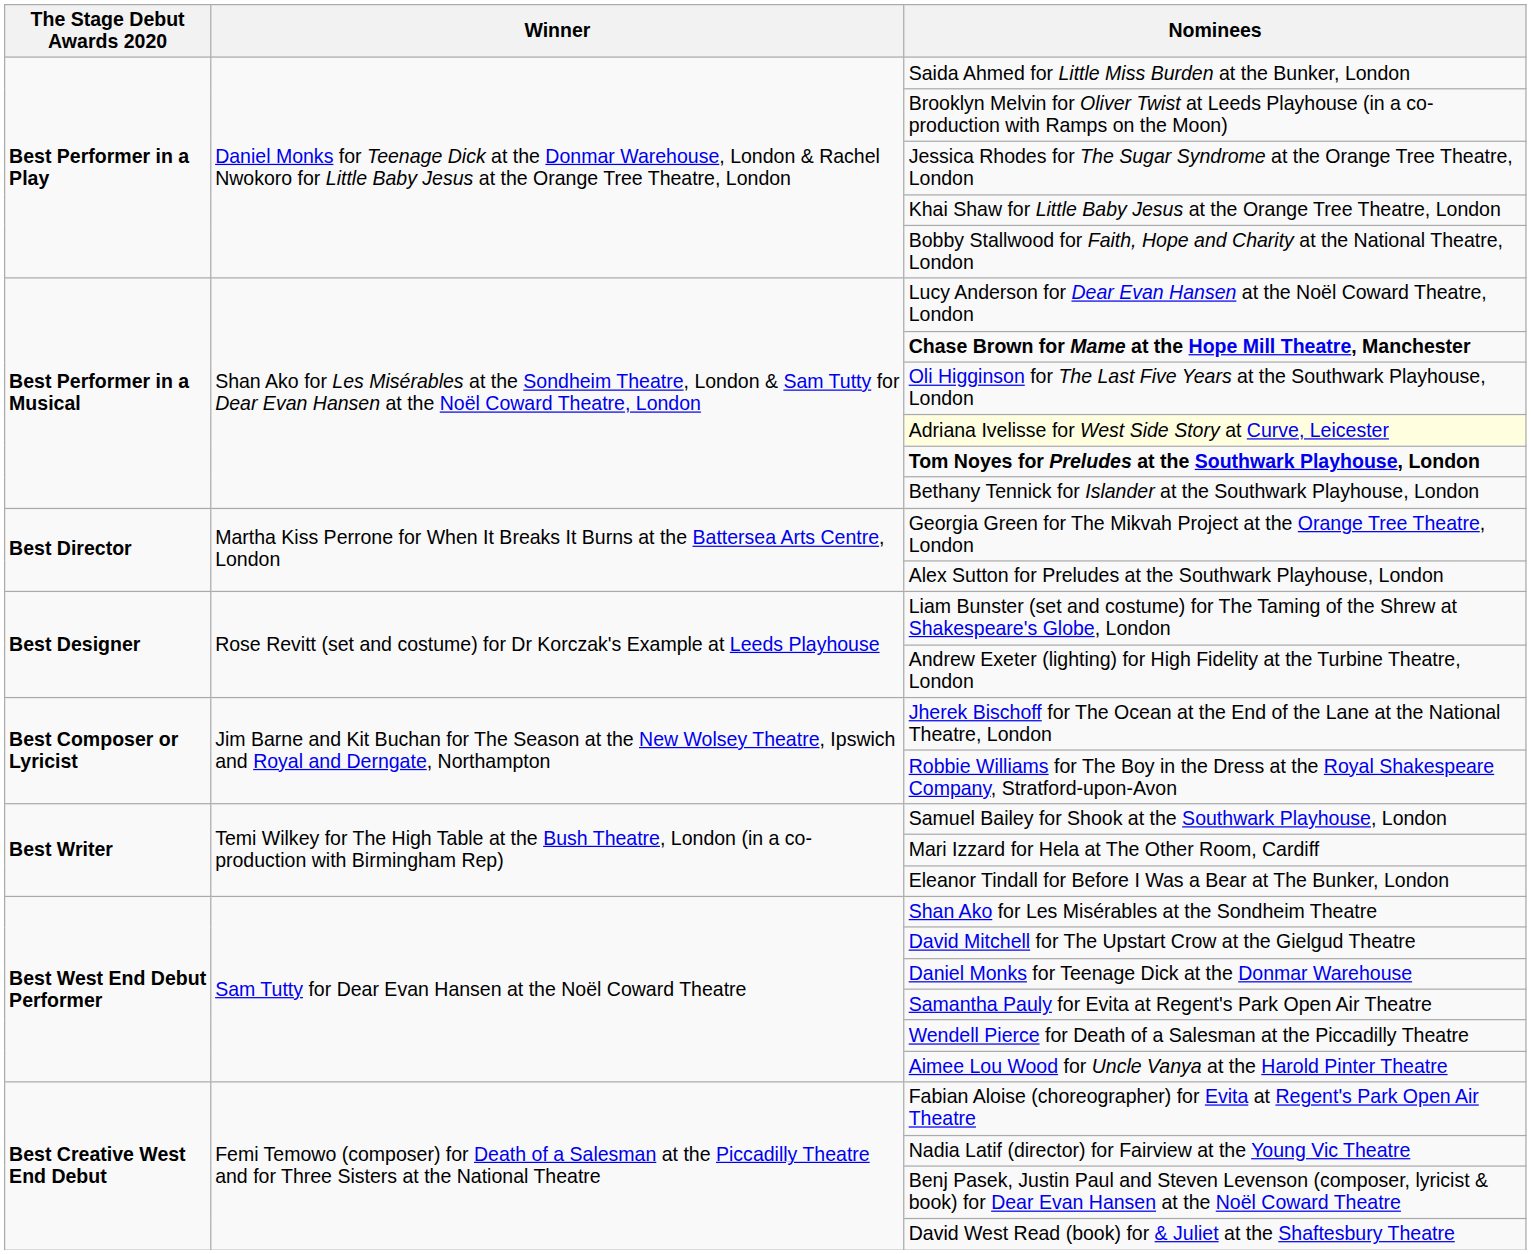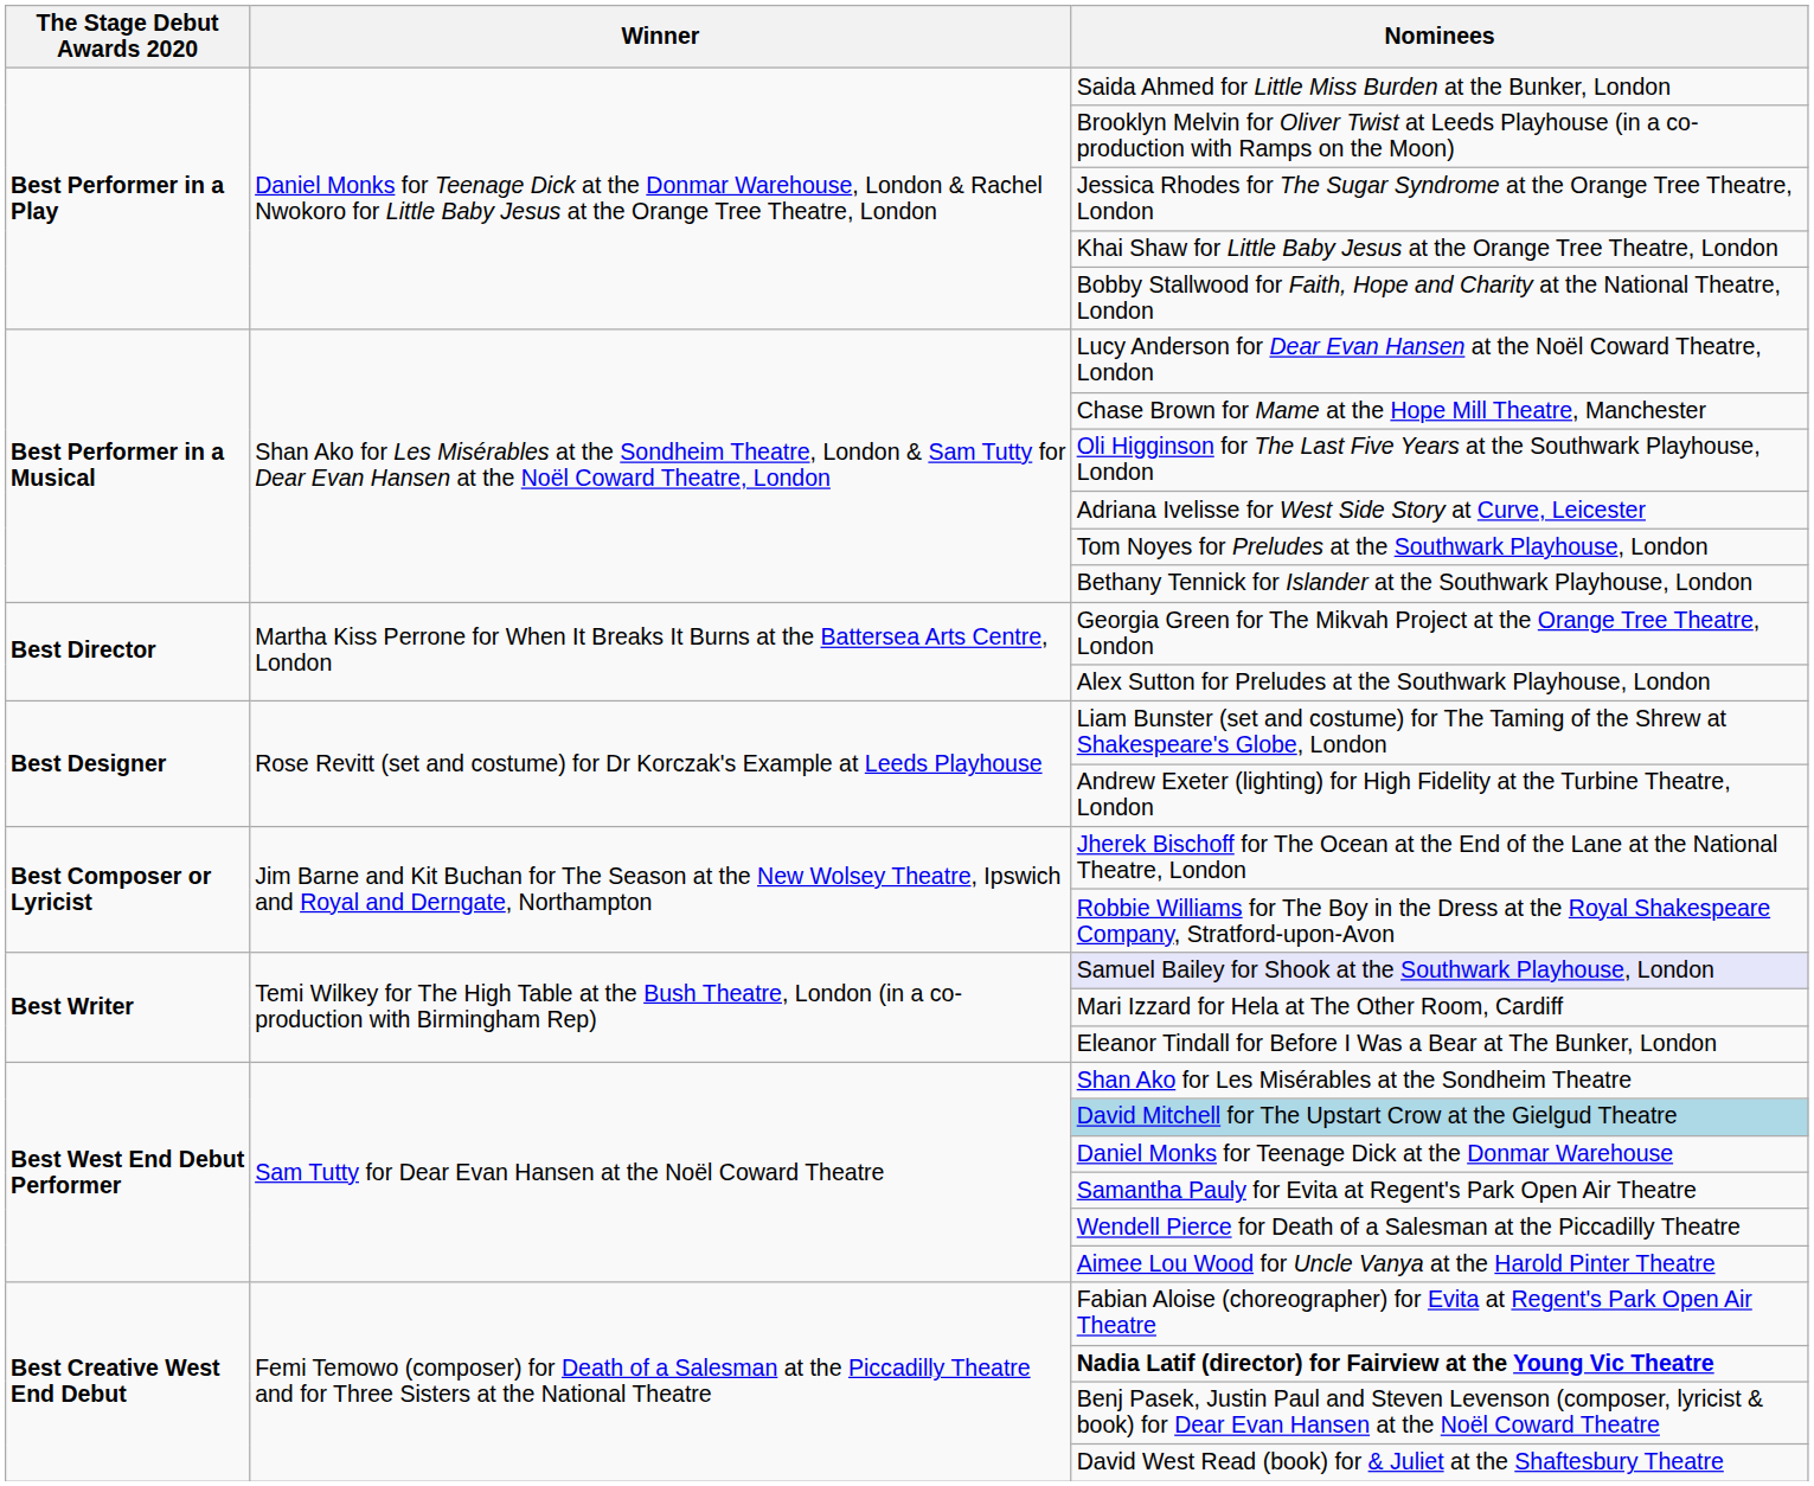 <table class="wikitable">
 <tr>
 <th>The Stage Debut Awards 2020</th>
 <th>Winner</th>
 <th>Nominees</th>
 </tr>
 <tr>
 <td rowspan="5"><strong>Best Performer in a Play</strong></td>
 <td rowspan="5"><a href='#'>Daniel Monks</a> for <em>Teenage Dick</em> at the <a href='#'>Donmar Warehouse</a>, London & Rachel Nwokoro for <em>Little Baby Jesus</em> at the Orange Tree Theatre, London</td>
 <td>Saida Ahmed for <em>Little Miss Burden</em> at the Bunker, London</td>
 </tr>
 <tr>
 <td>Brooklyn Melvin for <em>Oliver Twist</em> at Leeds Playhouse (in a co-production with Ramps on the Moon)</td>
 </tr>
 <tr>
 <td>Jessica Rhodes for <em>The Sugar Syndrome</em> at the Orange Tree Theatre, London</td>
 </tr>
 <tr>
 <td>Khai Shaw for <em>Little Baby Jesus</em> at the Orange Tree Theatre, London</td>
 </tr>
 <tr>
 <td>Bobby Stallwood for <em>Faith, Hope and Charity</em> at the National Theatre, London</td>
 </tr>
 <tr>
 <td rowspan="6"><strong>Best Performer in a Musical</strong></td>
 <td rowspan="6">Shan Ako for <em>Les Misérables</em> at the <a href='#'>Sondheim Theatre</a>, London & <a href='#'>Sam Tutty</a> for <em>Dear Evan Hansen</em> at the <a href='#'>Noël Coward Theatre, London</a></td>
 <td>Lucy Anderson for <em><a href='#'>Dear Evan Hansen</a></em> at the Noël Coward Theatre, London</td>
 </tr>
 <tr>
-<td><strong>Chase Brown for <em>Mame</em> at the <a href='#'>Hope Mill Theatre</a>, Manchester</strong></td>
+<td>Chase Brown for <em>Mame</em> at the <a href='#'>Hope Mill Theatre</a>, Manchester</td>
 </tr>
 <tr>
 <td><a href='#'>Oli Higginson</a> for <em>The Last Five Years</em> at the Southwark Playhouse, London</td>
 </tr>
 <tr>
-<td style="background: lightyellow;">Adriana Ivelisse for <em>West Side Story</em> at <a href='#'>Curve, Leicester</a></td>
+<td>Adriana Ivelisse for <em>West Side Story</em> at <a href='#'>Curve, Leicester</a></td>
 </tr>
 <tr>
-<td><strong>Tom Noyes for <em>Preludes</em> at the <a href='#'>Southwark Playhouse</a>, London</strong></td>
+<td>Tom Noyes for <em>Preludes</em> at the <a href='#'>Southwark Playhouse</a>, London</td>
 </tr>
 <tr>
 <td>Bethany Tennick for <em>Islander</em> at the Southwark Playhouse, London</td>
 </tr>
 <tr>
 <td rowspan="2"><strong>Best Director</strong></td>
 <td rowspan="2">Martha Kiss Perrone for When It Breaks It Burns at the <a href='#'>Battersea Arts Centre</a>, London</td>
 <td>Georgia Green for The Mikvah Project at the <a href='#'>Orange Tree Theatre</a>, London</td>
 </tr>
 <tr>
 <td>Alex Sutton for Preludes at the Southwark Playhouse, London</td>
 </tr>
 <tr>
 <td rowspan="2"><strong>Best Designer</strong></td>
 <td rowspan="2">Rose Revitt (set and costume) for Dr Korczak's Example at <a href='#'>Leeds Playhouse</a></td>
 <td>Liam Bunster (set and costume) for The Taming of the Shrew at <a href='#'>Shakespeare's Globe</a>, London</td>
 </tr>
 <tr>
 <td>Andrew Exeter (lighting) for High Fidelity at the Turbine Theatre, London</td>
 </tr>
 <tr>
 <td rowspan="2"><strong>Best Composer or Lyricist</strong></td>
 <td rowspan="2">Jim Barne and Kit Buchan for The Season at the <a href='#'>New Wolsey Theatre</a>, Ipswich and <a href='#'>Royal and Derngate</a>, Northampton</td>
 <td><a href='#'>Jherek Bischoff</a> for The Ocean at the End of the Lane at the National Theatre, London</td>
 </tr>
 <tr>
 <td><a href='#'>Robbie Williams</a> for The Boy in the Dress at the <a href='#'>Royal Shakespeare Company</a>, Stratford-upon-Avon</td>
 </tr>
 <tr>
 <td rowspan="3"><strong>Best Writer</strong></td>
 <td rowspan="3">Temi Wilkey for The High Table at the <a href='#'>Bush Theatre</a>, London (in a co-production with Birmingham Rep)</td>
-<td>Samuel Bailey for Shook at the <a href='#'>Southwark Playhouse</a>, London</td>
+<td style="background: lavender;">Samuel Bailey for Shook at the <a href='#'>Southwark Playhouse</a>, London</td>
 </tr>
 <tr>
 <td>Mari Izzard for Hela at The Other Room, Cardiff</td>
 </tr>
 <tr>
 <td>Eleanor Tindall for Before I Was a Bear at The Bunker, London</td>
 </tr>
 <tr>
 <td rowspan="6"><strong>Best West End Debut Performer</strong></td>
 <td rowspan="6"><a href='#'>Sam Tutty</a> for Dear Evan Hansen at the Noël Coward Theatre</td>
 <td><a href='#'>Shan Ako</a> for Les Misérables at the Sondheim Theatre</td>
 </tr>
 <tr>
-<td><a href='#'>David Mitchell</a> for The Upstart Crow at the Gielgud Theatre</td>
+<td style="background: lightblue;"><a href='#'>David Mitchell</a> for The Upstart Crow at the Gielgud Theatre</td>
 </tr>
 <tr>
 <td><a href='#'>Daniel Monks</a> for Teenage Dick at the <a href='#'>Donmar Warehouse</a></td>
 </tr>
 <tr>
 <td><a href='#'>Samantha Pauly</a> for Evita at Regent's Park Open Air Theatre</td>
 </tr>
 <tr>
 <td><a href='#'>Wendell Pierce</a> for Death of a Salesman at the Piccadilly Theatre</td>
 </tr>
 <tr>
 <td><a href='#'>Aimee Lou Wood</a> for <em>Uncle Vanya</em> at the <a href='#'>Harold Pinter Theatre</a></td>
 </tr>
 <tr>
 <td rowspan="5"><strong>Best Creative West End Debut</strong></td>
 <td rowspan="5">Femi Temowo (composer) for <a href='#'>Death of a Salesman</a> at the <a href='#'>Piccadilly Theatre</a> and for Three Sisters at the National Theatre</td>
 <td>Fabian Aloise (choreographer) for <a href='#'>Evita</a> at <a href='#'>Regent's Park Open Air Theatre</a></td>
 </tr>
 <tr>
-<td>Nadia Latif (director) for Fairview at the <a href='#'>Young Vic Theatre</a></td>
+<td><strong>Nadia Latif (director) for Fairview at the <a href='#'>Young Vic Theatre</a></strong></td>
 </tr>
 <tr>
 <td>Benj Pasek, Justin Paul and Steven Levenson (composer, lyricist & book) for <a href='#'>Dear Evan Hansen</a> at the <a href='#'>Noël Coward Theatre</a></td>
 </tr>
 <tr>
 <td>David West Read (book) for <a href='#'>& Juliet</a> at the <a href='#'>Shaftesbury Theatre</a></td>
 </tr>
 </table>
